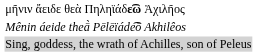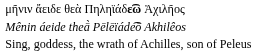 <table>
 <tr class="polytonic">
 <td rowspan="5"></td>
 <td>μῆνιν ἄειδε θεὰ Πηληϊάδ<strong>ε͡ω</strong> Ἀχιλῆος</td>
 </tr>
 <tr class="polyonic">
 </tr>
 <tr class="unicode">
 <td><em>Mênin áeide theā&#768; Pēlēïáde&#865;ō Akhilêos</em></td>
 </tr>
 <tr>
-<td style="background: lightgrey;">Sing, goddess, the wrath of Achilles, son of Peleus</td>
+<td>Sing, goddess, the wrath of Achilles, son of Peleus</td>
 </tr>
 <tr class="unicode">
 </tr>
 </table>
